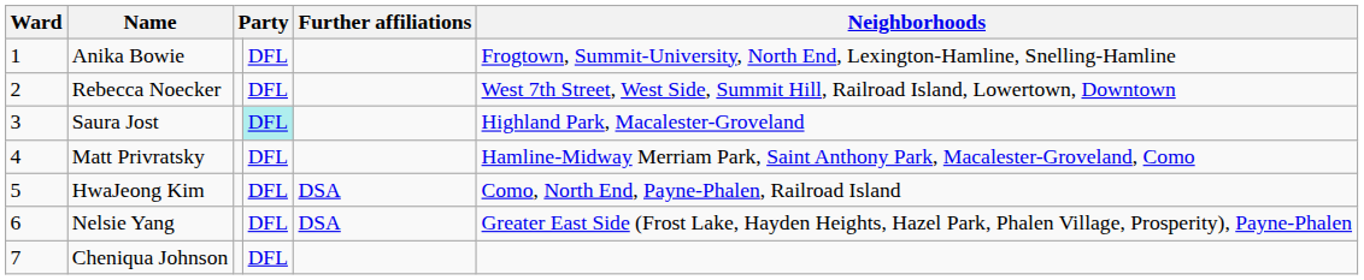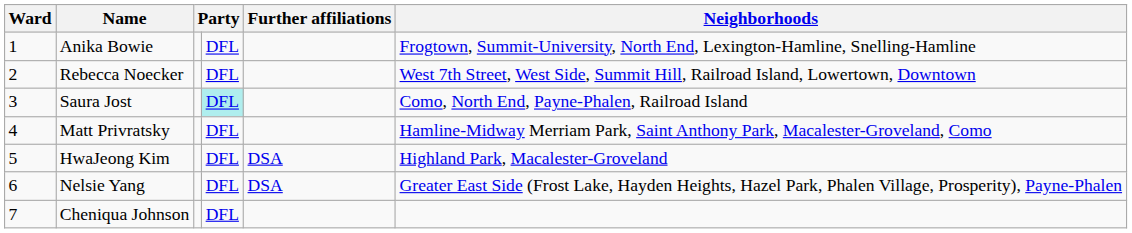 <table class="wikitable sortable">
 <tr>
 <th>Ward</th>
 <th>Name</th>
 <th colspan=2>Party</th>
 <th>Further affiliations</th>
 <th><a href='#'>Neighborhoods</a></th>
 </tr>
 <tr>
 <td>1</td>
 <td>Anika Bowie</td>
 <td style="background:"></td>
 <td><a href='#'>DFL</a></td>
 <td></td>
 <td><a href='#'>Frogtown</a>, <a href='#'>Summit-University</a>, <a href='#'>North End</a>, Lexington-Hamline, Snelling-Hamline</td>
 </tr>
 <tr>
 <td>2</td>
 <td>Rebecca Noecker</td>
 <td style="background:"></td>
 <td><a href='#'>DFL</a></td>
 <td></td>
 <td><a href='#'>West 7th Street</a>, <a href='#'>West Side</a>, <a href='#'>Summit Hill</a>, Railroad Island, Lowertown, <a href='#'>Downtown</a></td>
 </tr>
 <tr>
 <td>3</td>
 <td>Saura Jost</td>
 <td style="background:"></td>
 <td style="background: paleturquoise;"><a href='#'>DFL</a></td>
 <td></td>
-<td><a href='#'>Highland Park</a>, <a href='#'>Macalester-Groveland</a></td>
+<td><a href='#'>Como</a>, <a href='#'>North End</a>, <a href='#'>Payne-Phalen</a>, Railroad Island</td>
 </tr>
 <tr>
 <td>4</td>
 <td>Matt Privratsky</td>
 <td style="background:"></td>
 <td><a href='#'>DFL</a></td>
 <td></td>
 <td><a href='#'>Hamline-Midway</a> Merriam Park, <a href='#'>Saint Anthony Park</a>, <a href='#'>Macalester-Groveland</a>, <a href='#'>Como</a></td>
 </tr>
 <tr>
 <td>5</td>
 <td>HwaJeong Kim</td>
 <td style="background:"></td>
 <td><a href='#'>DFL</a></td>
 <td><a href='#'>DSA</a></td>
-<td><a href='#'>Como</a>, <a href='#'>North End</a>, <a href='#'>Payne-Phalen</a>, Railroad Island</td>
+<td><a href='#'>Highland Park</a>, <a href='#'>Macalester-Groveland</a></td>
 </tr>
 <tr>
 <td>6</td>
 <td>Nelsie Yang</td>
 <td style="background:"></td>
 <td><a href='#'>DFL</a></td>
 <td><a href='#'>DSA</a></td>
 <td><a href='#'>Greater East Side</a> (Frost Lake, Hayden Heights, Hazel Park, Phalen Village, Prosperity), <a href='#'>Payne-Phalen</a></td>
 </tr>
 <tr>
 <td>7</td>
 <td>Cheniqua Johnson</td>
 <td style="background:"></td>
 <td><a href='#'>DFL</a></td>
 <td></td>
 <td></td>
 </tr>
 </table>
